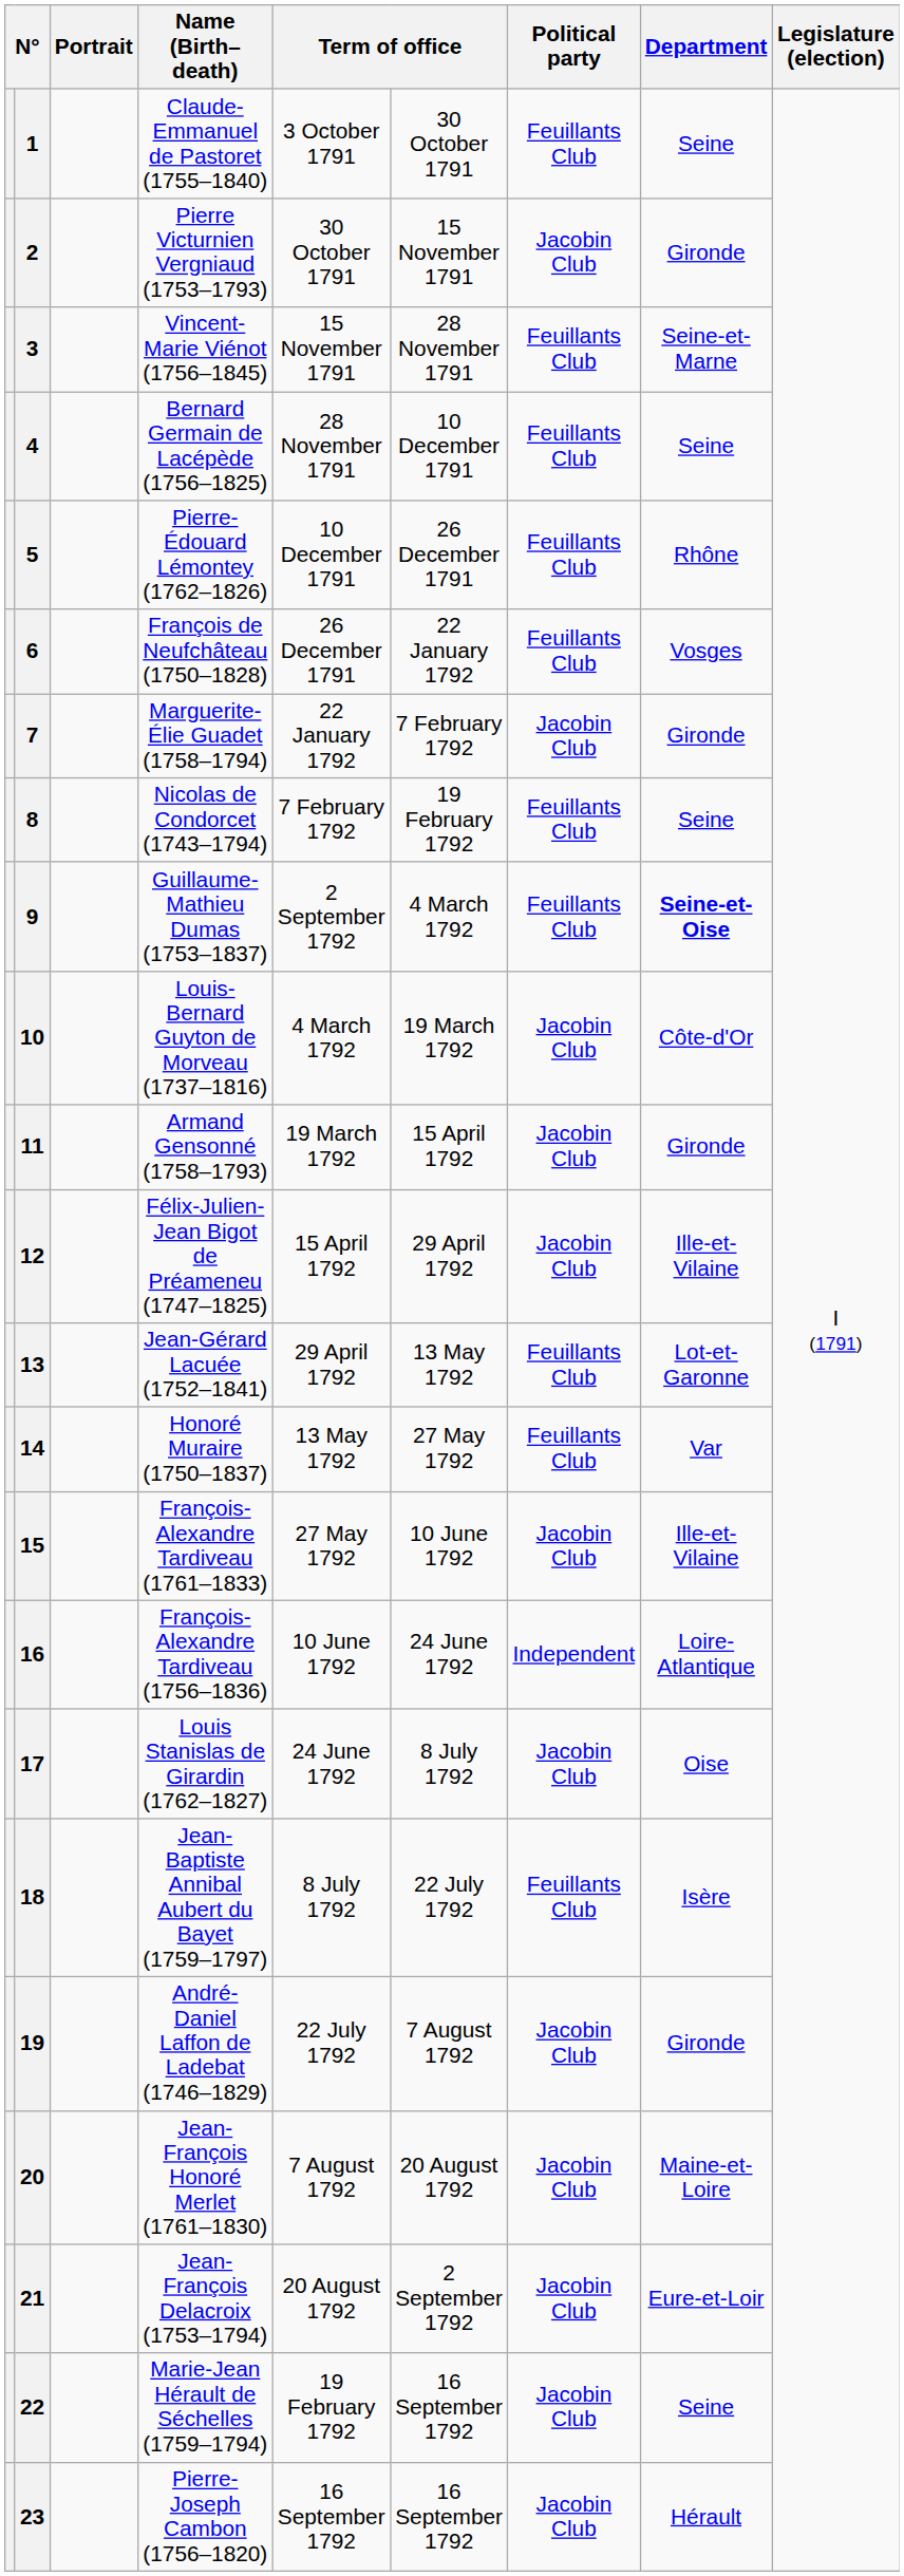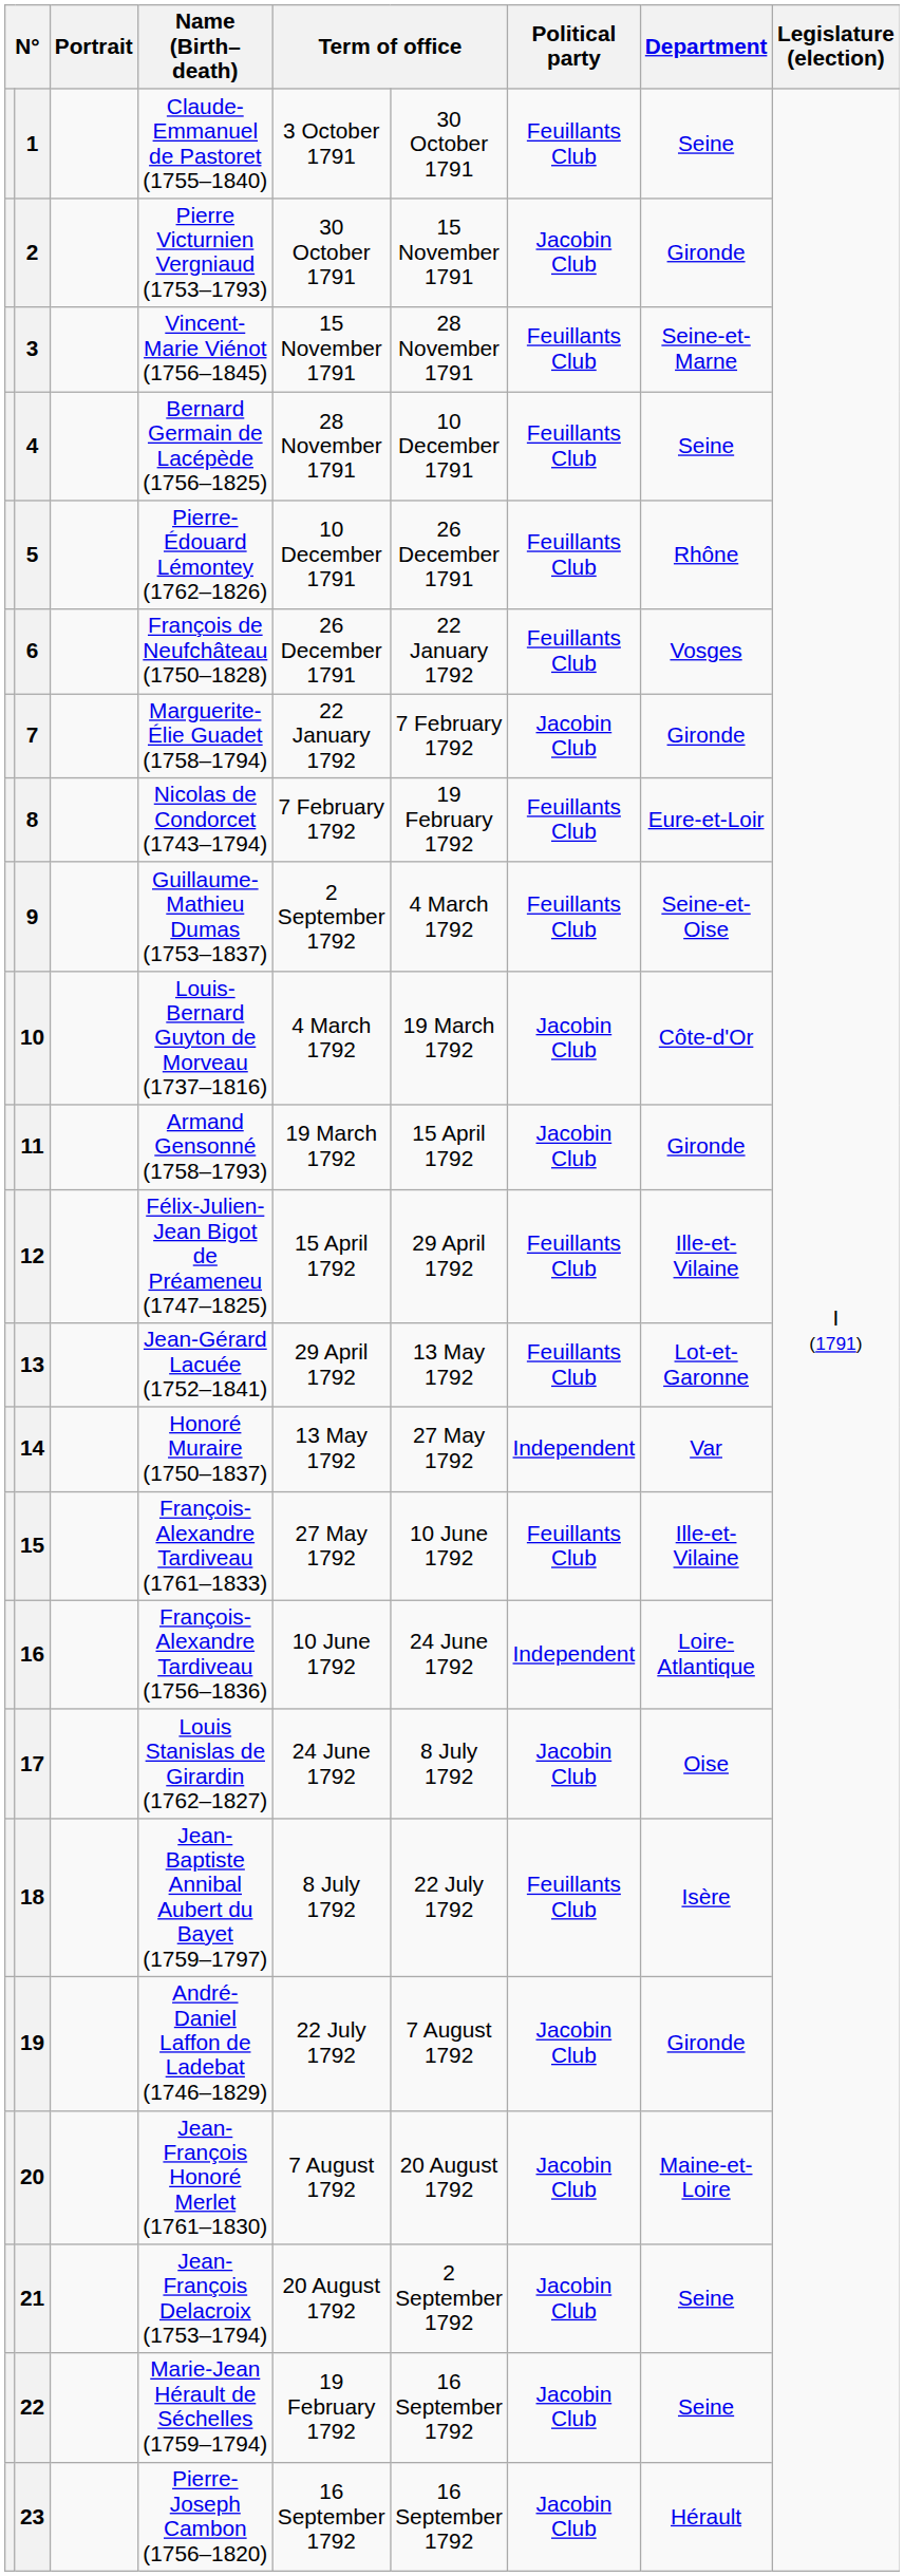 <table class="wikitable" style="width:80%; text-align:center;">
 <tr>
 <th colspan="2" width=20>N°</th>
 <th width=70>Portrait</th>
 <th width=25%>Name<br>(Birth–death)</th>
 <th colspan="2" width=40%>Term of office</th>
 <th width=25%>Political party</th>
 <th width=15%><a href='#'>Department</a></th>
 <th width=7%>Legislature<br>(election)</th>
 </tr>
 <tr>
 <th style="background:"></th>
 <th>1</th>
 <td></td>
 <td><a href='#'>Claude-Emmanuel de Pastoret</a><br>(1755–1840)</td>
 <td>3 October 1791</td>
 <td>30 October 1791</td>
 <td><a href='#'>Feuillants Club</a></td>
 <td><a href='#'>Seine</a></td>
 <td rowspan=23>I<br><small>(<a href='#'>1791</a>)</small></td>
 </tr>
 <tr>
 <th style="background:"></th>
 <th>2</th>
 <td></td>
 <td><a href='#'>Pierre Victurnien Vergniaud</a><br>(1753–1793)</td>
 <td>30 October 1791</td>
 <td>15 November 1791</td>
 <td><a href='#'>Jacobin Club</a></td>
 <td><a href='#'>Gironde</a></td>
 </tr>
 <tr>
 <th style="background:"></th>
 <th>3</th>
 <td></td>
 <td><a href='#'>Vincent-Marie Viénot</a><br>(1756–1845)</td>
 <td>15 November 1791</td>
 <td>28 November 1791</td>
 <td><a href='#'>Feuillants Club</a></td>
 <td><a href='#'>Seine-et-Marne</a></td>
 </tr>
 <tr>
 <th style="background:"></th>
 <th>4</th>
 <td></td>
 <td><a href='#'>Bernard Germain de Lacépède</a><br>(1756–1825)</td>
 <td>28 November 1791</td>
 <td>10 December 1791</td>
 <td><a href='#'>Feuillants Club</a></td>
 <td><a href='#'>Seine</a></td>
 </tr>
 <tr>
 <th style="background:"></th>
 <th>5</th>
 <td></td>
 <td><a href='#'>Pierre-Édouard Lémontey</a><br>(1762–1826)</td>
 <td>10 December 1791</td>
 <td>26 December 1791</td>
 <td><a href='#'>Feuillants Club</a></td>
 <td><a href='#'>Rhône</a></td>
 </tr>
 <tr>
 <th style="background:"></th>
 <th>6</th>
 <td></td>
 <td><a href='#'>François de Neufchâteau</a><br>(1750–1828)</td>
 <td>26 December 1791</td>
 <td>22 January 1792</td>
 <td><a href='#'>Feuillants Club</a></td>
 <td><a href='#'>Vosges</a></td>
 </tr>
 <tr>
 <th style="background:"></th>
 <th>7</th>
 <td></td>
 <td><a href='#'>Marguerite-Élie Guadet</a><br>(1758–1794)</td>
 <td>22 January 1792</td>
 <td>7 February 1792</td>
 <td><a href='#'>Jacobin Club</a></td>
 <td><a href='#'>Gironde</a></td>
 </tr>
 <tr>
 <th style="background:"></th>
 <th>8</th>
 <td></td>
 <td><a href='#'>Nicolas de Condorcet</a><br>(1743–1794)</td>
 <td>7 February 1792</td>
 <td>19 February 1792</td>
 <td><a href='#'>Feuillants Club</a></td>
-<td><a href='#'>Seine</a></td>
+<td><a href='#'>Eure-et-Loir</a></td>
 </tr>
 <tr>
 <th style="background:"></th>
 <th>9</th>
 <td></td>
 <td><a href='#'>Guillaume-Mathieu Dumas</a><br>(1753–1837)</td>
 <td>2 September 1792</td>
 <td>4 March 1792</td>
 <td><a href='#'>Feuillants Club</a></td>
-<td><strong><a href='#'>Seine-et-Oise</a></strong></td>
+<td><a href='#'>Seine-et-Oise</a></td>
 </tr>
 <tr>
 <th style="background:"></th>
 <th>10</th>
 <td></td>
 <td><a href='#'>Louis-Bernard Guyton de Morveau</a><br>(1737–1816)</td>
 <td>4 March 1792</td>
 <td>19 March 1792</td>
 <td><a href='#'>Jacobin Club</a></td>
 <td><a href='#'>Côte-d'Or</a></td>
 </tr>
 <tr>
 <th style="background:"></th>
 <th>11</th>
 <td></td>
 <td><a href='#'>Armand Gensonné</a><br>(1758–1793)</td>
 <td>19 March 1792</td>
 <td>15 April 1792</td>
 <td><a href='#'>Jacobin Club</a></td>
 <td><a href='#'>Gironde</a></td>
 </tr>
 <tr>
 <th style="background:"></th>
 <th>12</th>
 <td></td>
 <td><a href='#'>Félix-Julien-Jean Bigot de Préameneu</a><br>(1747–1825)</td>
 <td>15 April 1792</td>
 <td>29 April 1792</td>
-<td><a href='#'>Jacobin Club</a></td>
+<td><a href='#'>Feuillants Club</a></td>
 <td><a href='#'>Ille-et-Vilaine</a></td>
 </tr>
 <tr>
 <th style="background:"></th>
 <th>13</th>
 <td></td>
 <td><a href='#'>Jean-Gérard Lacuée</a><br>(1752–1841)</td>
 <td>29 April 1792</td>
 <td>13 May 1792</td>
 <td><a href='#'>Feuillants Club</a></td>
 <td><a href='#'>Lot-et-Garonne</a></td>
 </tr>
 <tr>
 <th style="background:"></th>
 <th>14</th>
 <td></td>
 <td><a href='#'>Honoré Muraire</a><br>(1750–1837)</td>
 <td>13 May 1792</td>
 <td>27 May 1792</td>
-<td><a href='#'>Feuillants Club</a></td>
+<td><a href='#'>Independent</a></td>
 <td><a href='#'>Var</a></td>
 </tr>
 <tr>
 <th style="background:"></th>
 <th>15</th>
 <td></td>
 <td><a href='#'>François-Alexandre Tardiveau</a><br>(1761–1833)</td>
 <td>27 May 1792</td>
 <td>10 June 1792</td>
-<td><a href='#'>Jacobin Club</a></td>
+<td><a href='#'>Feuillants Club</a></td>
 <td><a href='#'>Ille-et-Vilaine</a></td>
 </tr>
 <tr>
 <th style="background:"></th>
 <th>16</th>
 <td></td>
 <td><a href='#'>François-Alexandre Tardiveau</a><br>(1756–1836)</td>
 <td>10 June 1792</td>
 <td>24 June 1792</td>
 <td><a href='#'>Independent</a></td>
 <td><a href='#'>Loire-Atlantique</a></td>
 </tr>
 <tr>
 <th style="background:"></th>
 <th>17</th>
 <td></td>
 <td><a href='#'>Louis Stanislas de Girardin</a><br>(1762–1827)</td>
 <td>24 June 1792</td>
 <td>8 July 1792</td>
 <td><a href='#'>Jacobin Club</a></td>
 <td><a href='#'>Oise</a></td>
 </tr>
 <tr>
 <th style="background:"></th>
 <th>18</th>
 <td></td>
 <td><a href='#'>Jean-Baptiste Annibal Aubert du Bayet</a><br>(1759–1797)</td>
 <td>8 July 1792</td>
 <td>22 July 1792</td>
 <td><a href='#'>Feuillants Club</a></td>
 <td><a href='#'>Isère</a></td>
 </tr>
 <tr>
 <th style="background:"></th>
 <th>19</th>
 <td></td>
 <td><a href='#'>André-Daniel Laffon de Ladebat</a><br>(1746–1829)</td>
 <td>22 July 1792</td>
 <td>7 August 1792</td>
 <td><a href='#'>Jacobin Club</a></td>
 <td><a href='#'>Gironde</a></td>
 </tr>
 <tr>
 <th style="background:"></th>
 <th>20</th>
 <td></td>
 <td><a href='#'>Jean-François Honoré Merlet</a><br>(1761–1830)</td>
 <td>7 August 1792</td>
 <td>20 August 1792</td>
 <td><a href='#'>Jacobin Club</a></td>
 <td><a href='#'>Maine-et-Loire</a></td>
 </tr>
 <tr>
 <th style="background:"></th>
 <th>21</th>
 <td></td>
 <td><a href='#'>Jean-François Delacroix</a><br>(1753–1794)</td>
 <td>20 August 1792</td>
 <td>2 September 1792</td>
 <td><a href='#'>Jacobin Club</a></td>
-<td><a href='#'>Eure-et-Loir</a></td>
+<td><a href='#'>Seine</a></td>
 </tr>
 <tr>
 <th style="background:"></th>
 <th>22</th>
 <td></td>
 <td><a href='#'>Marie-Jean Hérault de Séchelles</a><br>(1759–1794)</td>
 <td>19 February 1792</td>
 <td>16 September 1792</td>
 <td><a href='#'>Jacobin Club</a></td>
 <td><a href='#'>Seine</a></td>
 </tr>
 <tr>
 <th style="background:"></th>
 <th>23</th>
 <td></td>
 <td><a href='#'>Pierre-Joseph Cambon</a><br>(1756–1820)</td>
 <td>16 September 1792</td>
 <td>16 September 1792</td>
 <td><a href='#'>Jacobin Club</a></td>
 <td><a href='#'>Hérault</a></td>
 </tr>
 </table>
